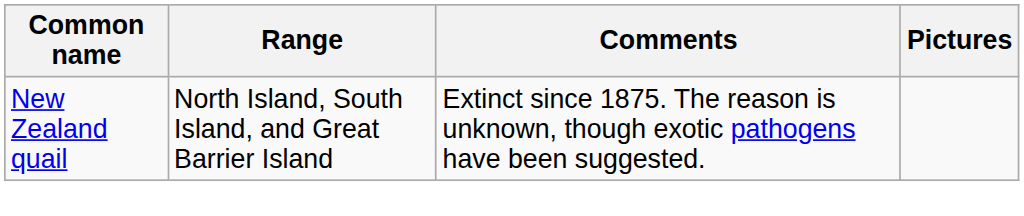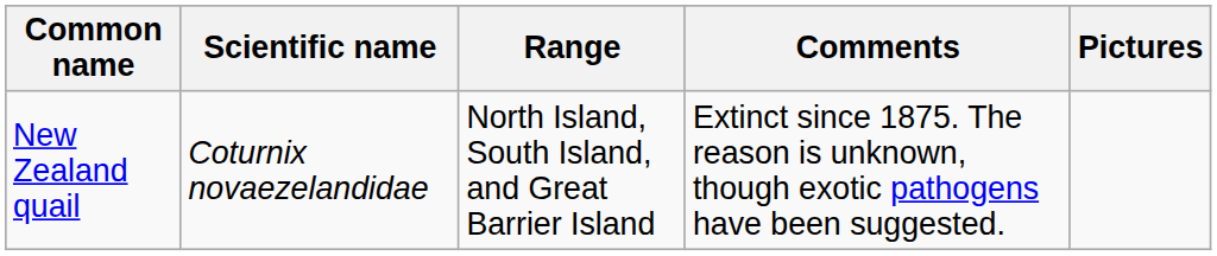 <table class="wikitable">
 <tr>
 <th>Common name</th>
+<th>Scientific name</th>
 <th>Range</th>
 <th class="unsortable">Comments</th>
 <th class="unsortable">Pictures</th>
 </tr>
 <tr>
 <td><a href='#'>New Zealand quail</a></td>
+<td><em>Coturnix novaezelandidae</em></td>
 <td>North Island, South Island, and Great Barrier Island</td>
 <td>Extinct since 1875. The reason is unknown, though exotic <a href='#'>pathogens</a> have been suggested.</td>
 <td></td>
 </tr>
 </table>
